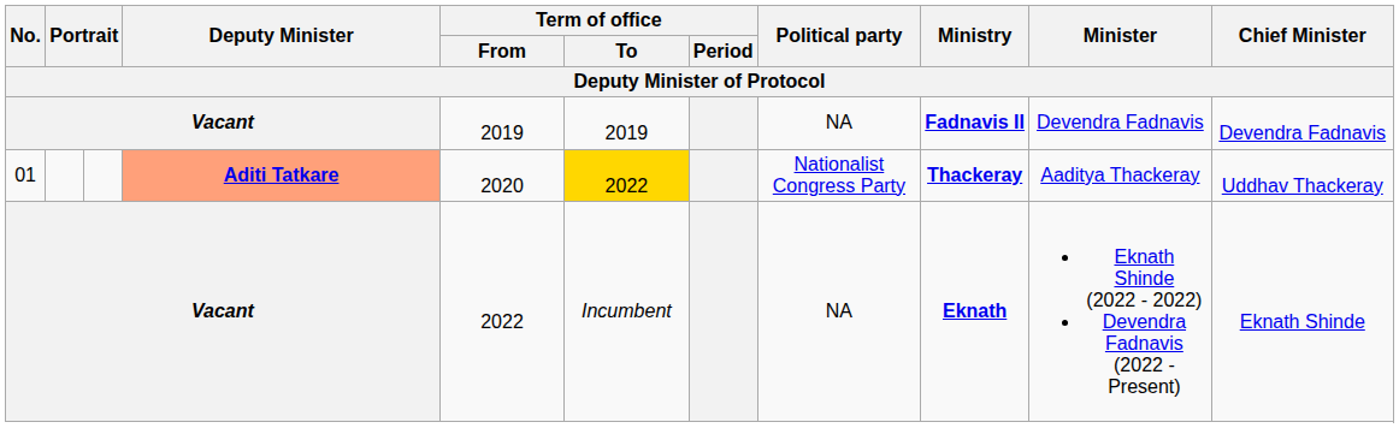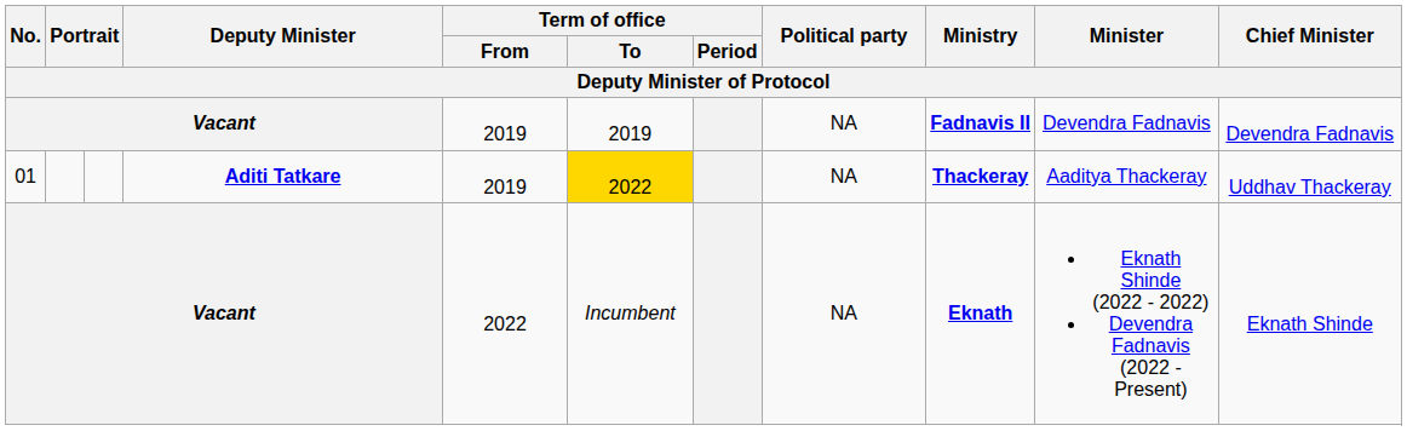 <table class="wikitable" style="text-align:center">
 <tr>
 <th rowspan="2">No.</th>
 <th rowspan="2" colspan="2">Portrait</th>
 <th rowspan="2" style="width:16em">Deputy Minister<br></th>
 <th colspan="3">Term of office</th>
 <th rowspan="2" style="width:8em">Political party</th>
 <th rowspan="2">Ministry</th>
 <th rowspan="2" style="width:9em">Minister</th>
 <th rowspan="2" style="width:9em">Chief Minister</th>
 </tr>
 <tr>
 <th style="width:6em">From</th>
 <th style="width:6em">To</th>
 <th>Period</th>
 </tr>
 <tr>
 <th colspan="11">Deputy Minister of Protocol</th>
 </tr>
 <tr>
 <th colspan="04"><strong><em> Vacant</em></strong></th>
 <td><br>2019</td>
 <td><br>2019</td>
 <th></th>
 <td>NA</td>
 <td rowspan="1"><a href='#'><strong>Fadnavis II</strong></a></td>
 <td><a href='#'>Devendra Fadnavis</a></td>
 <td rowspan="1"> <br><a href='#'>Devendra Fadnavis</a></td>
 </tr>
 <tr>
 <td>01</td>
 <td style="color:inherit;background:"></td>
 <td></td>
-<td style="background: lightsalmon;"><strong><a href='#'>Aditi Tatkare</a></strong> <br> </td>
-<td><br>2020</td>
+<td><strong><a href='#'>Aditi Tatkare</a></strong> <br> </td>
+<td><br>2019</td>
 <td style="background: gold;"><br>2022</td>
 <th></th>
-<td><a href='#'>Nationalist Congress Party</a></td>
+<td>NA</td>
 <td rowspan="1"><a href='#'><strong>Thackeray</strong></a></td>
 <td><a href='#'>Aaditya Thackeray</a></td>
 <td rowspan="1"> <br><a href='#'>Uddhav Thackeray</a></td>
 </tr>
 <tr>
 <th colspan="04"><strong><em>Vacant</em></strong></th>
 <td><br>2022</td>
 <td><em>Incumbent</em></td>
 <th></th>
 <td>NA</td>
 <td rowspan="2"><a href='#'><strong>Eknath</strong></a></td>
 <td><br><ul><li><a href='#'>Eknath Shinde</a><br>(2022 - 2022)</li><li><a href='#'>Devendra Fadnavis</a><br> (2022 - Present)</li></ul></td>
 <td rowspan="2"> <br><a href='#'>Eknath Shinde</a></td>
 </tr>
 <tr>
 </tr>
 </table>
